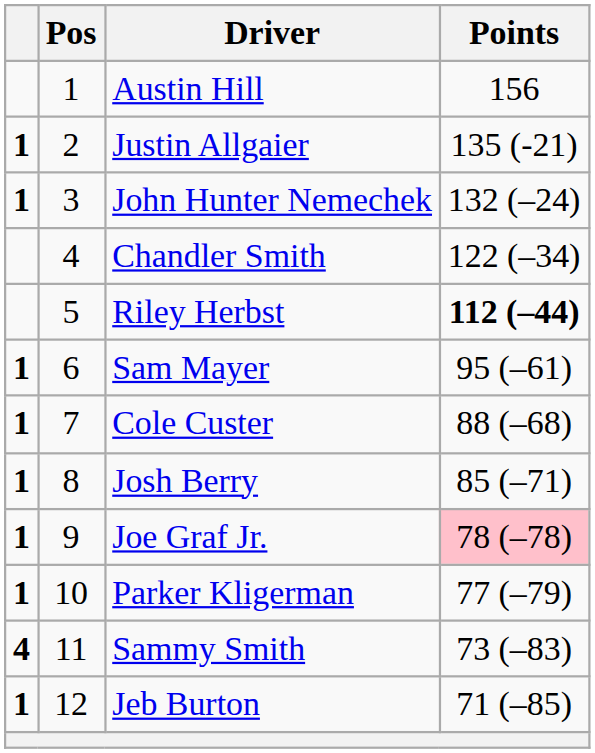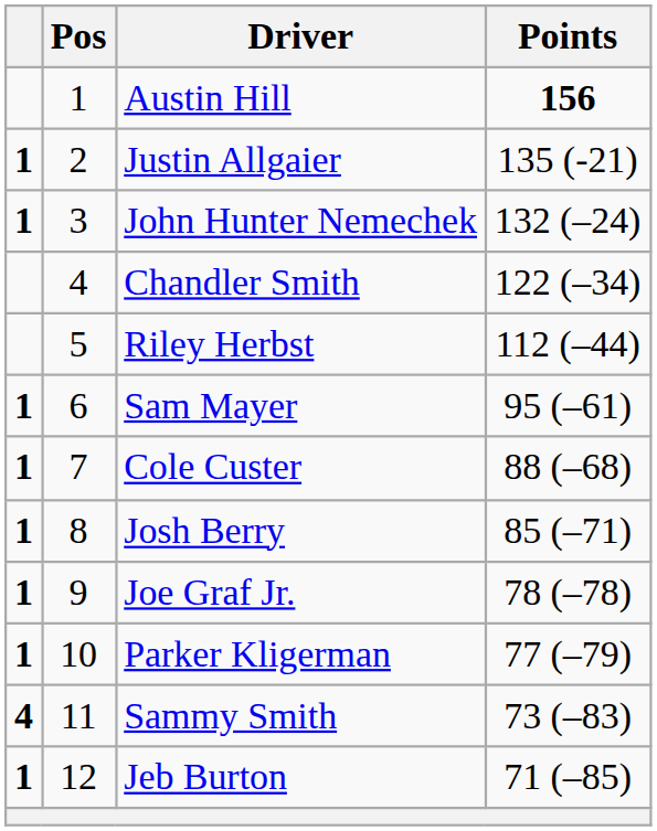 <table class="wikitable" style="font-size: 95%;">
 <tr>
 <th></th>
 <th>Pos</th>
 <th>Driver</th>
 <th>Points</th>
 </tr>
 <tr>
 <td align="left"></td>
 <td style="text-align:center;">1</td>
 <td><a href='#'>Austin Hill</a></td>
-<td style="text-align:center;">156</td>
+<td style="text-align:center;"><strong>156</strong></td>
 </tr>
 <tr>
 <td align="left"> <strong>1</strong></td>
 <td style="text-align:center;">2</td>
 <td><a href='#'>Justin Allgaier</a></td>
 <td style="text-align:center;">135 (-21)</td>
 </tr>
 <tr>
 <td align="left"> <strong>1</strong></td>
 <td style="text-align:center;">3</td>
 <td><a href='#'>John Hunter Nemechek</a></td>
 <td style="text-align:center;">132 (–24)</td>
 </tr>
 <tr>
 <td align="left"></td>
 <td style="text-align:center;">4</td>
 <td><a href='#'>Chandler Smith</a></td>
 <td style="text-align:center;">122 (–34)</td>
 </tr>
 <tr>
 <td align="left"></td>
 <td style="text-align:center;">5</td>
 <td><a href='#'>Riley Herbst</a></td>
-<td style="text-align:center;"><strong>112 (–44)</strong></td>
+<td style="text-align:center;">112 (–44)</td>
 </tr>
 <tr>
 <td align="left"> <strong>1</strong></td>
 <td style="text-align:center;">6</td>
 <td><a href='#'>Sam Mayer</a></td>
 <td style="text-align:center;">95 (–61)</td>
 </tr>
 <tr>
 <td align="left"> <strong>1</strong></td>
 <td style="text-align:center;">7</td>
 <td><a href='#'>Cole Custer</a></td>
 <td style="text-align:center;">88 (–68)</td>
 </tr>
 <tr>
 <td align="left"> <strong>1</strong></td>
 <td style="text-align:center;">8</td>
 <td><a href='#'>Josh Berry</a></td>
 <td style="text-align:center;">85 (–71)</td>
 </tr>
 <tr>
 <td align="left"> <strong>1</strong></td>
 <td style="text-align:center;">9</td>
 <td><a href='#'>Joe Graf Jr.</a></td>
-<td style="background: pink; text-align:center;">78 (–78)</td>
+<td style="text-align:center;">78 (–78)</td>
 </tr>
 <tr>
 <td align="left"> <strong>1</strong></td>
 <td style="text-align:center;">10</td>
 <td><a href='#'>Parker Kligerman</a></td>
 <td style="text-align:center;">77 (–79)</td>
 </tr>
 <tr>
 <td align="left"> <strong>4</strong></td>
 <td style="text-align:center;">11</td>
 <td><a href='#'>Sammy Smith</a></td>
 <td style="text-align:center;">73 (–83)</td>
 </tr>
 <tr>
 <td align="left"> <strong>1</strong></td>
 <td style="text-align:center;">12</td>
 <td><a href='#'>Jeb Burton</a></td>
 <td style="text-align:center;">71 (–85)</td>
 </tr>
 <tr class="sortbottom">
 <th colspan="9"></th>
 </tr>
 </table>
